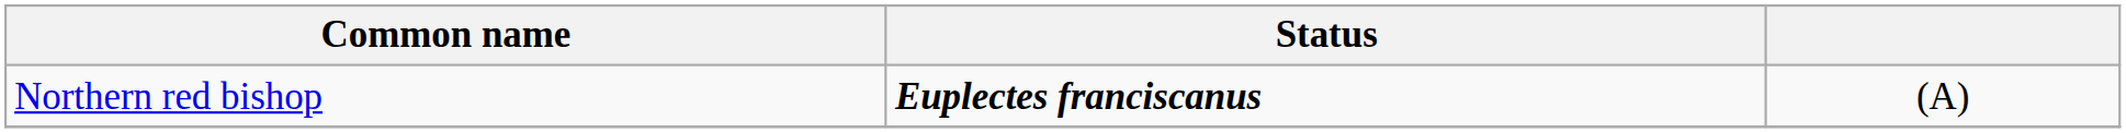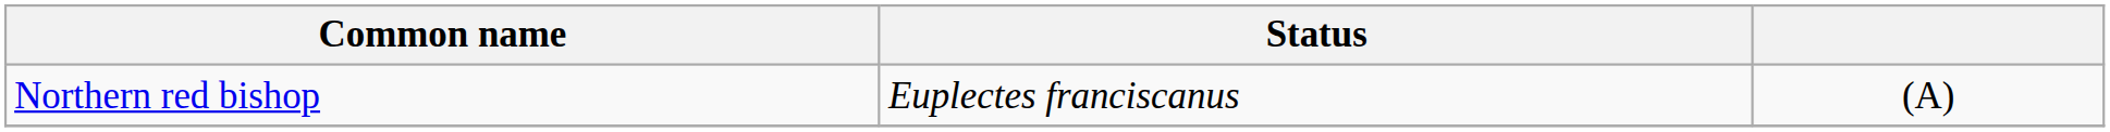 <table width=70% class="wikitable">
 <tr>
 <th width=20%>Common name</th>
 <th width=20%>Status</th>
 <th width=8%></th>
 </tr>
 <tr>
 <td><a href='#'>Northern red bishop</a></td>
-<td><strong><em>Euplectes franciscanus</em></strong></td>
+<td><em>Euplectes franciscanus</em></td>
 <td align=center>(A)</td>
 </tr>
 <tr>
 </tr>
 </table>
